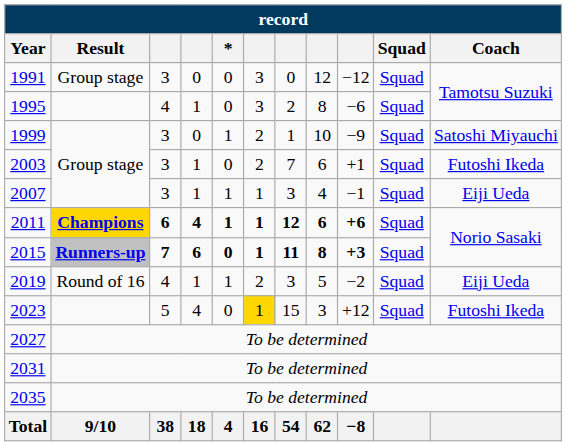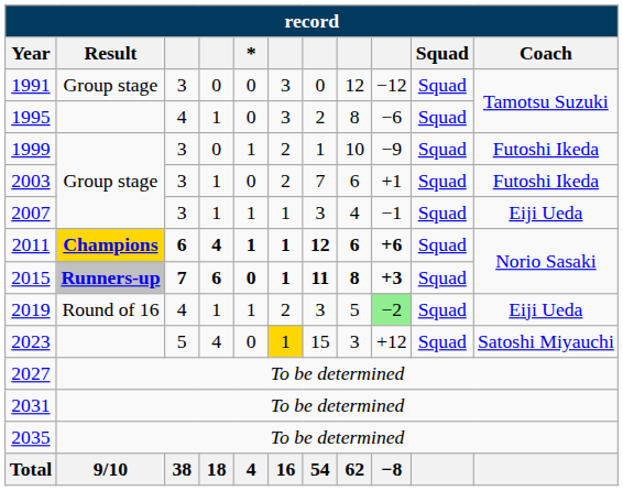 <table class="wikitable mw-collapsible" style="text-align: center;font-size:95%;">
 <tr>
 <th colspan="11" style="background: #013A5E; color: #FFFFFF;"><a href='#'></a> record</th>
 </tr>
 <tr>
 <th>Year</th>
 <th>Result</th>
 <th width=20></th>
 <th width=20></th>
 <th width=20>*</th>
 <th width=20></th>
 <th width=20></th>
 <th width=20></th>
 <th width=20></th>
 <th>Squad</th>
 <th>Coach</th>
 </tr>
 <tr>
 <td> <a href='#'>1991</a></td>
 <td>Group stage</td>
 <td>3</td>
 <td>0</td>
 <td>0</td>
 <td>3</td>
 <td>0</td>
 <td>12</td>
 <td>−12</td>
 <td><a href='#'>Squad</a></td>
 <td rowspan="2"><a href='#'>Tamotsu Suzuki</a></td>
 </tr>
 <tr>
 <td> <a href='#'>1995</a></td>
 <td></td>
 <td>4</td>
 <td>1</td>
 <td>0</td>
 <td>3</td>
 <td>2</td>
 <td>8</td>
 <td>−6</td>
 <td><a href='#'>Squad</a></td>
 </tr>
 <tr>
 <td> <a href='#'>1999</a></td>
 <td rowspan=3>Group stage</td>
 <td>3</td>
 <td>0</td>
 <td>1</td>
 <td>2</td>
 <td>1</td>
 <td>10</td>
 <td>−9</td>
 <td><a href='#'>Squad</a></td>
-<td><a href='#'>Satoshi Miyauchi</a></td>
+<td><a href='#'>Futoshi Ikeda</a></td>
 </tr>
 <tr>
 <td> <a href='#'>2003</a></td>
 <td>3</td>
 <td>1</td>
 <td>0</td>
 <td>2</td>
 <td>7</td>
 <td>6</td>
 <td>+1</td>
 <td><a href='#'>Squad</a></td>
 <td><a href='#'>Futoshi Ikeda</a></td>
 </tr>
 <tr>
 <td> <a href='#'>2007</a></td>
 <td>3</td>
 <td>1</td>
 <td>1</td>
 <td>1</td>
 <td>3</td>
 <td>4</td>
 <td>−1</td>
 <td><a href='#'>Squad</a></td>
 <td><a href='#'>Eiji Ueda</a></td>
 </tr>
 <tr>
 <td> <a href='#'>2011</a></td>
 <td style="background:gold;"><strong><a href='#'>Champions</a></strong></td>
 <td><strong>6</strong></td>
 <td><strong>4</strong></td>
 <td><strong>1</strong></td>
 <td><strong>1</strong></td>
 <td><strong>12</strong></td>
 <td><strong>6</strong></td>
 <td><strong>+6</strong></td>
 <td><a href='#'>Squad</a></td>
 <td rowspan="2"><a href='#'>Norio Sasaki</a></td>
 </tr>
 <tr>
 <td> <a href='#'>2015</a></td>
 <td style="background:silver;"><strong><a href='#'>Runners-up</a></strong></td>
 <td><strong>7</strong></td>
 <td><strong>6</strong></td>
 <td><strong>0</strong></td>
 <td><strong>1</strong></td>
 <td><strong>11</strong></td>
 <td><strong>8</strong></td>
 <td><strong>+3</strong></td>
 <td><a href='#'>Squad</a></td>
 </tr>
 <tr>
 <td> <a href='#'>2019</a></td>
 <td>Round of 16</td>
 <td>4</td>
 <td>1</td>
 <td>1</td>
 <td>2</td>
 <td>3</td>
 <td>5</td>
-<td>−2</td>
+<td style="background: lightgreen;">−2</td>
 <td><a href='#'>Squad</a></td>
 <td><a href='#'>Eiji Ueda</a></td>
 </tr>
 <tr>
 <td>  <a href='#'>2023</a></td>
 <td></td>
 <td>5</td>
 <td>4</td>
 <td>0</td>
 <td style="background: gold;">1</td>
 <td>15</td>
 <td>3</td>
 <td>+12</td>
 <td><a href='#'>Squad</a></td>
-<td><a href='#'>Futoshi Ikeda</a></td>
+<td><a href='#'>Satoshi Miyauchi</a></td>
 </tr>
 <tr>
 <td> <a href='#'>2027</a></td>
 <td colspan=10><em>To be determined</em></td>
 </tr>
 <tr>
 <td> <a href='#'>2031</a></td>
 <td colspan=10><em>To be determined</em></td>
 </tr>
 <tr>
 <td> <a href='#'>2035</a></td>
 <td colspan=10><em>To be determined</em></td>
 </tr>
 <tr>
 <th>Total</th>
 <th>9/10</th>
 <th>38</th>
 <th>18</th>
 <th>4</th>
 <th>16</th>
 <th>54</th>
 <th>62</th>
 <th>−8</th>
 <th></th>
 <th></th>
 </tr>
 </table>
